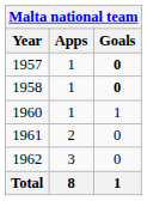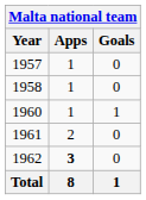 <table class=wikitable style="text-align: center">
 <tr>
 <th colspan="3"><a href='#'>Malta national team</a></th>
 </tr>
 <tr>
 <th>Year</th>
 <th>Apps</th>
 <th>Goals</th>
 </tr>
 <tr>
 <td>1957</td>
 <td>1</td>
-<td><strong>0</strong></td>
+<td>0</td>
 </tr>
 <tr>
 <td>1958</td>
 <td>1</td>
-<td><strong>0</strong></td>
+<td>0</td>
 </tr>
 <tr>
 <td>1960</td>
 <td>1</td>
 <td>1</td>
 </tr>
 <tr>
 <td>1961</td>
 <td>2</td>
 <td>0</td>
 </tr>
 <tr>
 <td>1962</td>
-<td>3</td>
+<td><strong>3</strong></td>
 <td>0</td>
 </tr>
 <tr>
 <th>Total</th>
 <th>8</th>
 <th>1</th>
 </tr>
 </table>
